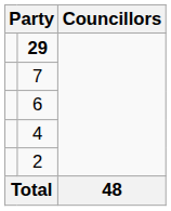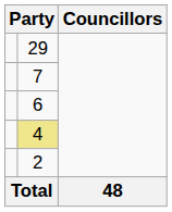 <table class="wikitable">
 <tr>
 <th colspan="2">Party</th>
 <th>Councillors</th>
 </tr>
 <tr>
 <td></td>
-<td align=center><strong>29</strong></td>
+<td align=center>29</td>
 </tr>
 <tr>
 <td></td>
 <td align=center>7</td>
 </tr>
 <tr>
 <td></td>
 <td align=center>6</td>
 </tr>
 <tr>
 <td></td>
-<td align=center>4</td>
+<td align=center style="background: khaki;">4</td>
 </tr>
 <tr>
 <td></td>
 <td align=center>2</td>
 </tr>
 <tr>
 <th colspan=2>Total</th>
 <th>48</th>
 </tr>
 </table>
